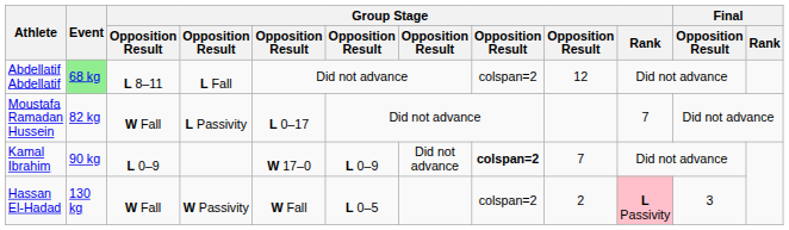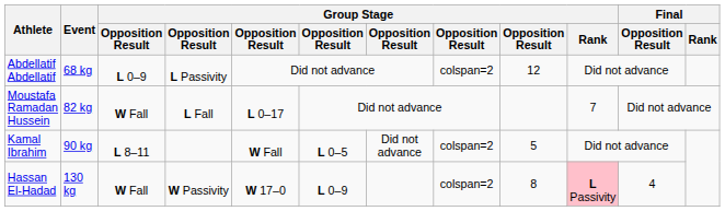 <table class=wikitable style="font-size:90%">
 <tr>
 <th rowspan="2">Athlete</th>
 <th rowspan="2">Event</th>
 <th colspan="8">Group Stage</th>
 <th colspan=2>Final</th>
 </tr>
 <tr>
 <th>Opposition<br>Result</th>
 <th>Opposition<br>Result</th>
 <th>Opposition<br>Result</th>
 <th>Opposition<br>Result</th>
 <th>Opposition<br>Result</th>
 <th>Opposition<br>Result</th>
 <th>Opposition<br>Result</th>
 <th>Rank</th>
 <th>Opposition<br>Result</th>
 <th>Rank</th>
 </tr>
 <tr align=center>
 <td align=left><a href='#'>Abdellatif Abdellatif</a></td>
-<td align=left style="background: lightgreen;"><a href='#'>68 kg</a></td>
-<td><br><strong>L</strong> 8–11</td>
-<td><br><strong>L</strong> Fall</td>
+<td align=left><a href='#'>68 kg</a></td>
+<td><br><strong>L</strong> 0–9</td>
+<td><br><strong>L</strong> Passivity</td>
 <td colspan=3>Did not advance</td>
 <td>colspan=2</td>
 <td>12</td>
 <td colspan=2>Did not advance</td>
 </tr>
 <tr align=center>
 <td align=left><a href='#'>Moustafa Ramadan Hussein</a></td>
 <td align=left><a href='#'>82 kg</a></td>
 <td><br><strong>W</strong> Fall</td>
-<td><br><strong>L</strong> Passivity</td>
+<td><br><strong>L</strong> Fall</td>
 <td><br><strong>L</strong> 0–17</td>
 <td colspan=3>Did not advance</td>
 <td></td>
 <td>7</td>
 <td colspan=2>Did not advance</td>
 </tr>
 <tr align=center>
 <td align=left><a href='#'>Kamal Ibrahim</a></td>
 <td align=left><a href='#'>90 kg</a></td>
-<td><br><strong>L</strong> 0–9</td>
+<td><br><strong>L</strong> 8–11</td>
 <td></td>
-<td><br><strong>W</strong> 17–0</td>
-<td><br><strong>L</strong> 0–9</td>
+<td><br><strong>W</strong> Fall</td>
+<td><br><strong>L</strong> 0–5</td>
 <td>Did not advance</td>
-<td><strong>colspan=2</strong></td>
-<td>7</td>
+<td>colspan=2</td>
+<td>5</td>
 <td colspan=2>Did not advance</td>
 </tr>
 <tr align=center>
 <td align=left><a href='#'>Hassan El-Hadad</a></td>
 <td align=left><a href='#'>130 kg</a></td>
 <td><br><strong>W</strong> Fall</td>
 <td><br><strong>W</strong> Passivity</td>
-<td><br><strong>W</strong> Fall</td>
-<td><br><strong>L</strong> 0–5</td>
+<td><br><strong>W</strong> 17–0</td>
+<td><br><strong>L</strong> 0–9</td>
 <td></td>
 <td>colspan=2</td>
-<td>2</td>
+<td>8</td>
 <td style="background: pink;"><br><strong>L</strong> Passivity</td>
-<td>3</td>
+<td>4</td>
 </tr>
 </table>
